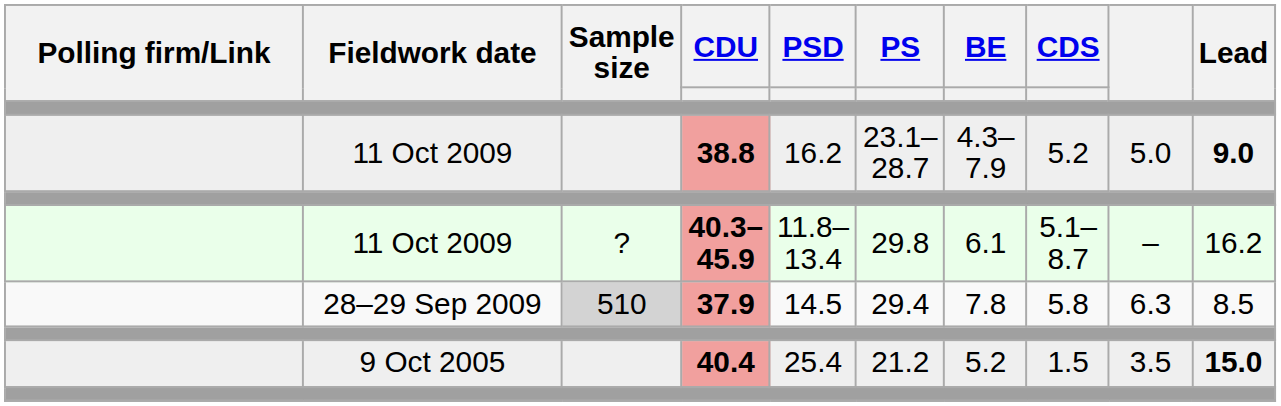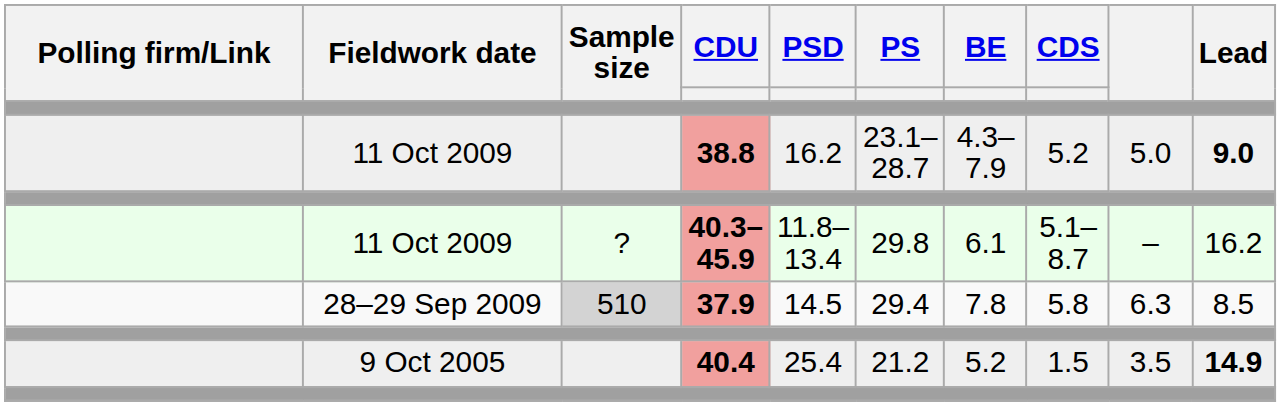 <table class="wikitable collapsible sortable" style="text-align:center; font-size:95%; line-height:16px;">
 <tr style="height:42px;">
 <th style="width:145px;" rowspan="2">Polling firm/Link</th>
 <th style="width:125px;" rowspan="2">Fieldwork date</th>
 <th class="unsortable" style="width:50px;" rowspan="2">Sample size</th>
 <th class="unsortable" style="width:35px;"><a href='#'>CDU</a></th>
 <th class="unsortable" style="width:35px;"><a href='#'>PSD</a></th>
 <th class="unsortable" style="width:35px;"><a href='#'>PS</a></th>
 <th class="unsortable" style="width:35px;"><a href='#'>BE</a></th>
 <th class="unsortable" style="width:35px;"><a href='#'>CDS</a></th>
 <th class="unsortable" style="width:35px;" rowspan="2"></th>
 <th class="unsortable" style="width:30px;" rowspan="2">Lead</th>
 </tr>
 <tr>
 <th class="unsortable" style="color:inherit;background:"></th>
 <th class="unsortable" style="color:inherit;background:"></th>
 <th class="unsortable" style="color:inherit;background:"></th>
 <th class="unsortable" style="color:inherit;background:"></th>
 <th class="unsortable" style="color:inherit;background:"></th>
 </tr>
 <tr>
 <td colspan="13" style="background:#A0A0A0"></td>
 </tr>
 <tr style="background:#EFEFEF;">
 <td><strong></strong></td>
 <td data-sort-value="2019-10-06">11 Oct 2009</td>
 <td></td>
 <td style="background:#F1A09E"><strong>38.8</strong><br></td>
 <td align="center">16.2</td>
 <td>23.1–<br>28.7</td>
 <td>4.3–<br>7.9</td>
 <td align="center">5.2</td>
 <td>5.0<br></td>
 <td style="background:"><strong>9.0</strong></td>
 </tr>
 <tr>
 <td colspan="13" style="background:#A0A0A0"></td>
 </tr>
 <tr>
 </tr>
 <tr style="background:#EAFFEA"|>
 <td></td>
 <td data-sort-value="2019-10-06">11 Oct 2009</td>
 <td>?</td>
 <td align="center" style="background:#F1A09E"><strong>40.3–<br>45.9</strong></td>
 <td>11.8–<br>13.4</td>
 <td>29.8<br></td>
 <td>6.1<br></td>
 <td>5.1–<br>8.7</td>
 <td>–</td>
 <td style="background:">16.2</td>
 </tr>
 <tr>
 <td align="center"></td>
 <td align="center">28–29 Sep 2009</td>
 <td style="background: lightgrey;">510</td>
 <td align="center" style="background:#F1A09E"><strong>37.9</strong></td>
 <td>14.5<br></td>
 <td align="center">29.4</td>
 <td align="center">7.8</td>
 <td>5.8<br></td>
 <td>6.3<br></td>
 <td style="background:">8.5</td>
 </tr>
 <tr>
 <td colspan="13" style="background:#A0A0A0"></td>
 </tr>
 <tr style="background:#EFEFEF;">
 <td><strong></strong></td>
 <td data-sort-value="2019-10-06">9 Oct 2005</td>
 <td></td>
 <td style="background:#F1A09E"><strong>40.4</strong><br></td>
 <td>25.4<br></td>
 <td>21.2<br></td>
 <td>5.2<br></td>
 <td>1.5<br></td>
 <td align="center">3.5</td>
-<td style="background:"><strong>15.0</strong></td>
+<td style="background:"><strong>14.9</strong></td>
 </tr>
 <tr>
 <td colspan="13" style="background:#A0A0A0"></td>
 </tr>
 <tr>
 </tr>
 </table>
